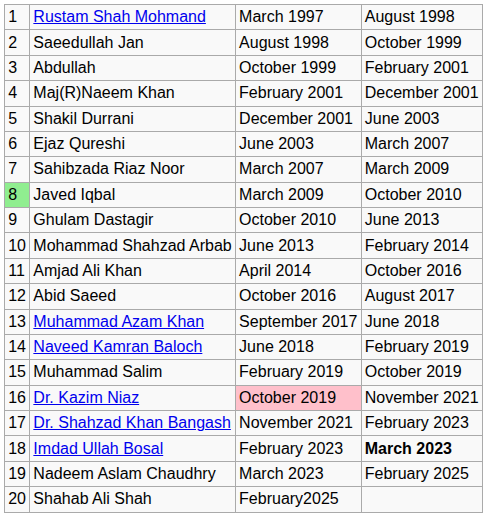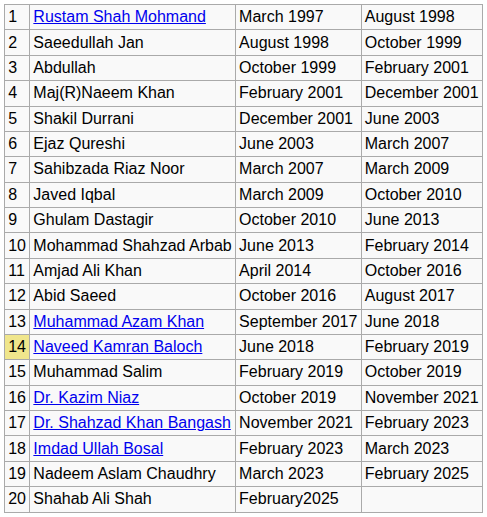 <table class="wikitable">
 <tr>
 <td>1</td>
 <td><a href='#'>Rustam Shah Mohmand</a></td>
 <td>March 1997</td>
 <td>August 1998</td>
 </tr>
 <tr>
 <td>2</td>
 <td>Saeedullah Jan</td>
 <td>August 1998</td>
 <td>October 1999</td>
 </tr>
 <tr>
 <td>3</td>
 <td>Abdullah</td>
 <td>October 1999</td>
 <td>February 2001</td>
 </tr>
 <tr>
 <td>4</td>
 <td>Maj(R)Naeem Khan</td>
 <td>February 2001</td>
 <td>December 2001</td>
 </tr>
 <tr>
 <td>5</td>
 <td>Shakil Durrani</td>
 <td>December 2001</td>
 <td>June 2003</td>
 </tr>
 <tr>
 <td>6</td>
 <td>Ejaz Qureshi</td>
 <td>June 2003</td>
 <td>March 2007</td>
 </tr>
 <tr>
 <td>7</td>
 <td>Sahibzada Riaz Noor</td>
 <td>March 2007</td>
 <td>March 2009</td>
 </tr>
 <tr>
-<td style="background: lightgreen;">8</td>
+<td>8</td>
 <td>Javed Iqbal</td>
 <td>March 2009</td>
 <td>October 2010</td>
 </tr>
 <tr>
 <td>9</td>
 <td>Ghulam Dastagir</td>
 <td>October 2010</td>
 <td>June 2013</td>
 </tr>
 <tr>
 <td>10</td>
 <td>Mohammad Shahzad Arbab</td>
 <td>June 2013</td>
 <td>February 2014</td>
 </tr>
 <tr>
 <td>11</td>
 <td>Amjad Ali Khan</td>
 <td>April 2014</td>
 <td>October 2016</td>
 </tr>
 <tr>
 <td>12</td>
 <td>Abid Saeed</td>
 <td>October 2016</td>
 <td>August 2017</td>
 </tr>
 <tr>
 <td>13</td>
 <td><a href='#'>Muhammad Azam Khan</a></td>
 <td>September 2017</td>
 <td>June 2018</td>
 </tr>
 <tr>
-<td>14</td>
+<td style="background: khaki;">14</td>
 <td><a href='#'>Naveed Kamran Baloch</a></td>
 <td>June 2018</td>
 <td>February 2019</td>
 </tr>
 <tr>
 <td>15</td>
 <td>Muhammad Salim</td>
 <td>February 2019</td>
 <td>October 2019</td>
 </tr>
 <tr>
 <td>16</td>
 <td><a href='#'>Dr. Kazim Niaz</a></td>
-<td style="background: pink;">October 2019</td>
+<td>October 2019</td>
 <td>November 2021</td>
 </tr>
 <tr>
 <td>17</td>
 <td><a href='#'>Dr. Shahzad Khan Bangash</a></td>
 <td>November 2021</td>
 <td>February 2023</td>
 </tr>
 <tr>
 <td>18</td>
 <td><a href='#'>Imdad Ullah Bosal</a></td>
 <td>February 2023</td>
-<td><strong>March 2023</strong></td>
+<td>March 2023</td>
 </tr>
 <tr>
 <td>19</td>
 <td>Nadeem Aslam Chaudhry</td>
 <td>March 2023</td>
 <td>February 2025</td>
 </tr>
 <tr>
 <td>20</td>
 <td>Shahab Ali Shah</td>
 <td>February2025</td>
 <td></td>
 </tr>
 </table>
